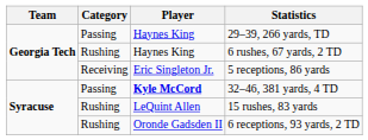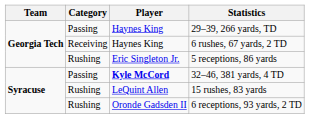 <table class="wikitable" style="float: right;">
 <tr>
 <th>Team</th>
 <th>Category</th>
 <th>Player</th>
 <th>Statistics</th>
 </tr>
 <tr>
 <td rowspan=3><strong>Georgia Tech</strong></td>
 <td>Passing</td>
 <td><a href='#'>Haynes King</a></td>
 <td>29–39, 266 yards, TD</td>
 </tr>
 <tr>
-<td>Rushing</td>
+<td>Receiving</td>
 <td>Haynes King</td>
 <td>6 rushes, 67 yards, 2 TD</td>
 </tr>
 <tr>
-<td>Receiving</td>
+<td>Rushing</td>
 <td><a href='#'>Eric Singleton Jr.</a></td>
 <td>5 receptions, 86 yards</td>
 </tr>
 <tr>
 <td rowspan=3><strong>Syracuse</strong></td>
 <td>Passing</td>
 <td><strong><a href='#'>Kyle McCord</a></strong></td>
 <td>32–46, 381 yards, 4 TD</td>
 </tr>
 <tr>
 <td>Rushing</td>
 <td><a href='#'>LeQuint Allen</a></td>
 <td>15 rushes, 83 yards</td>
 </tr>
 <tr>
 <td>Rushing</td>
 <td><a href='#'>Oronde Gadsden II</a></td>
 <td>6 receptions, 93 yards, 2 TD</td>
 </tr>
 </table>
